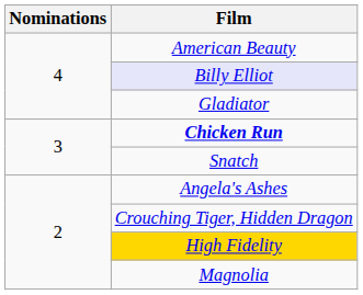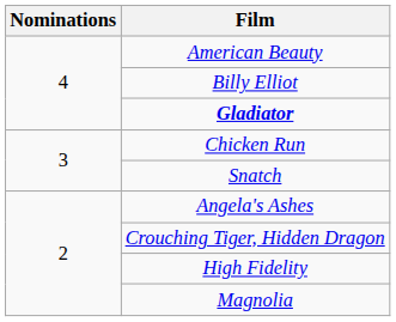 <table class="wikitable" style="text-align: center;">
 <tr>
 <th scope="col" width="55">Nominations</th>
 <th scope="col">Film</th>
 </tr>
 <tr>
 <td rowspan=3>4</td>
 <td><em><a href='#'>American Beauty</a></em></td>
 </tr>
 <tr>
-<td style="background: lavender;"><em><a href='#'>Billy Elliot</a></em></td>
+<td><em><a href='#'>Billy Elliot</a></em></td>
 </tr>
 <tr>
-<td><em><a href='#'>Gladiator</a></em></td>
+<td><strong><em><a href='#'>Gladiator</a></em></strong></td>
 </tr>
 <tr>
 <td rowspan=2>3</td>
-<td><strong><em><a href='#'>Chicken Run</a></em></strong></td>
+<td><em><a href='#'>Chicken Run</a></em></td>
 </tr>
 <tr>
 <td><em><a href='#'>Snatch</a></em></td>
 </tr>
 <tr>
 <td rowspan=4>2</td>
 <td><em><a href='#'>Angela's Ashes</a></em></td>
 </tr>
 <tr>
 <td><em><a href='#'>Crouching Tiger, Hidden Dragon</a></em></td>
 </tr>
 <tr>
-<td style="background: gold;"><em><a href='#'>High Fidelity</a></em></td>
+<td><em><a href='#'>High Fidelity</a></em></td>
 </tr>
 <tr>
 <td><em><a href='#'>Magnolia</a></em></td>
 </tr>
 </table>
